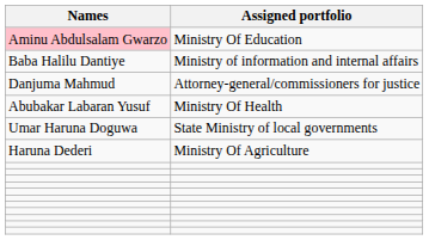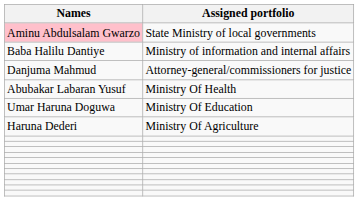 <table class="wikitable">
 <tr>
 <th>Names</th>
 <th>Assigned portfolio</th>
 </tr>
 <tr>
 <td style="background: pink;">Aminu Abdulsalam Gwarzo</td>
-<td>Ministry Of Education</td>
+<td>State Ministry of local governments</td>
 </tr>
 <tr>
 <td>Baba Halilu Dantiye</td>
 <td>Ministry of information and internal affairs</td>
 </tr>
 <tr>
 <td>Danjuma Mahmud</td>
 <td>Attorney-general/commissioners for justice</td>
 </tr>
 <tr>
 <td>Abubakar Labaran Yusuf</td>
 <td>Ministry Of Health</td>
 </tr>
 <tr>
 <td>Umar Haruna Doguwa</td>
-<td>State Ministry of local governments</td>
+<td>Ministry Of Education</td>
 </tr>
 <tr>
 <td>Haruna Dederi</td>
 <td>Ministry Of Agriculture</td>
 </tr>
 <tr>
 <td></td>
 <td></td>
 </tr>
 <tr>
 <td></td>
 <td></td>
 </tr>
 <tr>
 <td></td>
 <td></td>
 </tr>
 <tr>
 <td></td>
 <td></td>
 </tr>
 <tr>
 <td></td>
 <td></td>
 </tr>
 <tr>
 <td></td>
 <td></td>
 </tr>
 <tr>
 <td></td>
 <td></td>
 </tr>
 <tr>
 <td></td>
 <td></td>
 </tr>
 <tr>
 <td></td>
 <td></td>
 </tr>
 <tr>
 <td></td>
 <td></td>
 </tr>
 <tr>
 <td></td>
 <td></td>
 </tr>
 </table>
